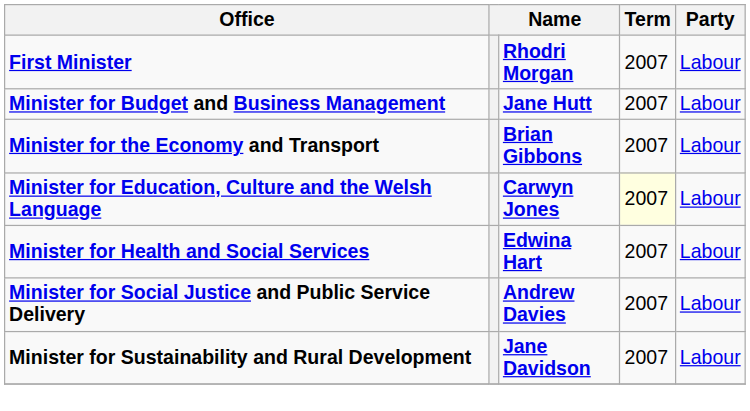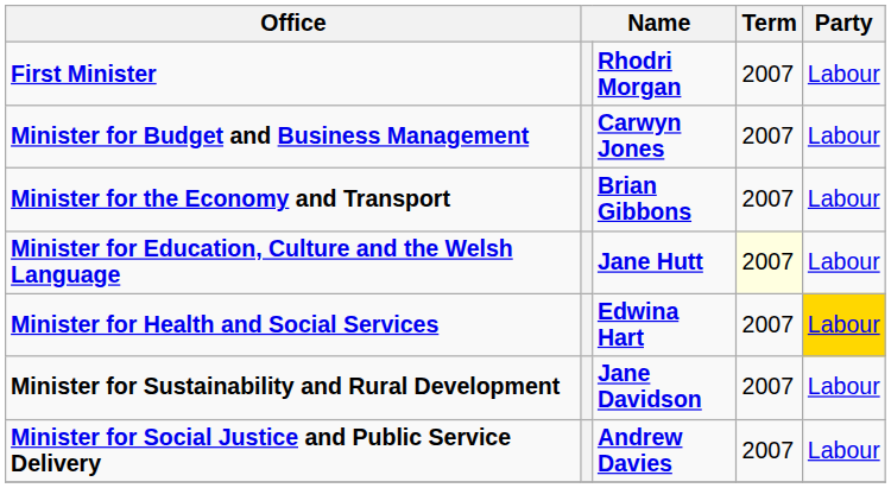 <table class="wikitable">
 <tr>
 <th style="width: 390px">Office</th>
 <th colspan="2">Name</th>
 <th>Term</th>
 <th>Party</th>
 </tr>
 <tr>
 <td><strong><a href='#'>First Minister</a></strong></td>
 <th style="background-color: "></th>
 <td><strong><a href='#'>Rhodri Morgan</a></strong></td>
 <td>2007</td>
 <td><a href='#'>Labour</a></td>
 </tr>
 <tr>
 <td><strong><a href='#'>Minister for Budget</a> and <a href='#'>Business Management</a></strong></td>
 <th style="background-color: "></th>
-<td><strong><a href='#'>Jane Hutt</a></strong></td>
+<td><strong><a href='#'>Carwyn Jones</a></strong></td>
 <td>2007</td>
 <td><a href='#'>Labour</a></td>
 </tr>
 <tr>
 <td><strong><a href='#'>Minister for the Economy</a> and Transport</strong></td>
 <th style="background-color: "></th>
 <td><strong><a href='#'>Brian Gibbons</a></strong></td>
 <td>2007</td>
 <td><a href='#'>Labour</a></td>
 </tr>
 <tr>
 <td><strong><a href='#'>Minister for Education, Culture and the Welsh Language</a></strong></td>
 <th style="background-color: "></th>
-<td><strong><a href='#'>Carwyn Jones</a></strong></td>
+<td><strong><a href='#'>Jane Hutt</a></strong></td>
 <td style="background: lightyellow;">2007</td>
 <td><a href='#'>Labour</a></td>
 </tr>
 <tr>
 <td><strong><a href='#'>Minister for Health and Social Services</a></strong></td>
 <th style="background-color: "></th>
 <td><strong><a href='#'>Edwina Hart</a></strong></td>
+<td>2007</td>
+<td style="background: gold;"><a href='#'>Labour</a></td>
+</tr>
+<tr>
+<td><strong>Minister for Sustainability and Rural Development</strong></td>
+<th style="background-color: "></th>
+<td><strong><a href='#'>Jane Davidson</a></strong></td>
 <td>2007</td>
 <td><a href='#'>Labour</a></td>
 </tr>
 <tr>
 <td><strong><a href='#'>Minister for Social Justice</a> and Public Service Delivery</strong></td>
 <th style="background-color: "></th>
 <td><strong><a href='#'>Andrew Davies</a></strong></td>
 <td>2007</td>
 <td><a href='#'>Labour</a></td>
 </tr>
 <tr>
-<td><strong>Minister for Sustainability and Rural Development</strong></td>
-<th style="background-color: "></th>
-<td><strong><a href='#'>Jane Davidson</a></strong></td>
-<td>2007</td>
-<td><a href='#'>Labour</a></td>
-</tr>
-<tr>
 </tr>
 </table>
